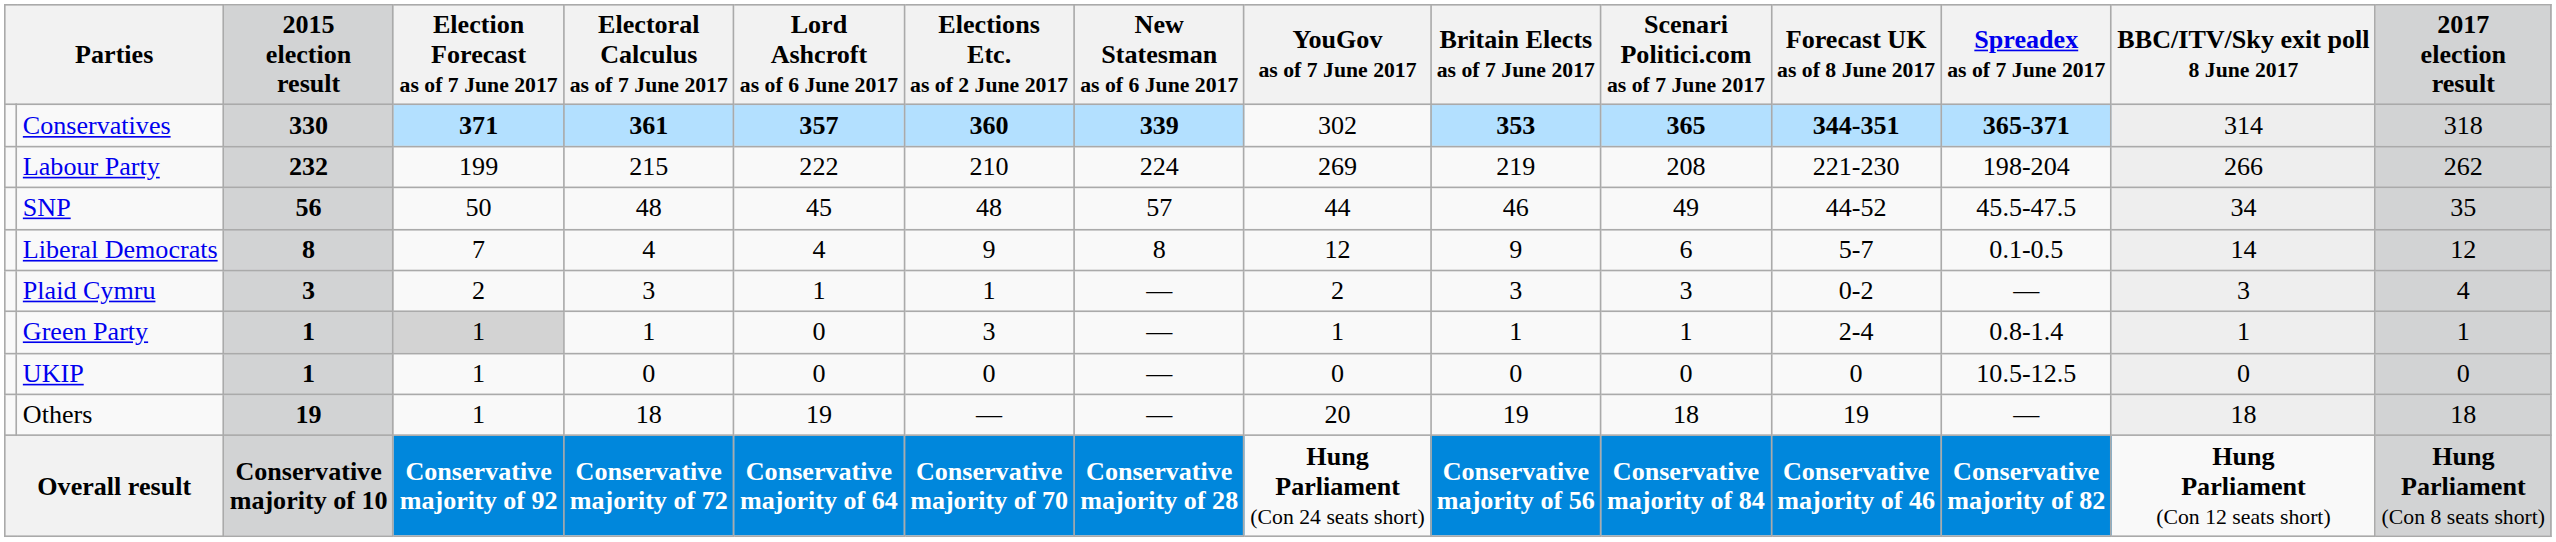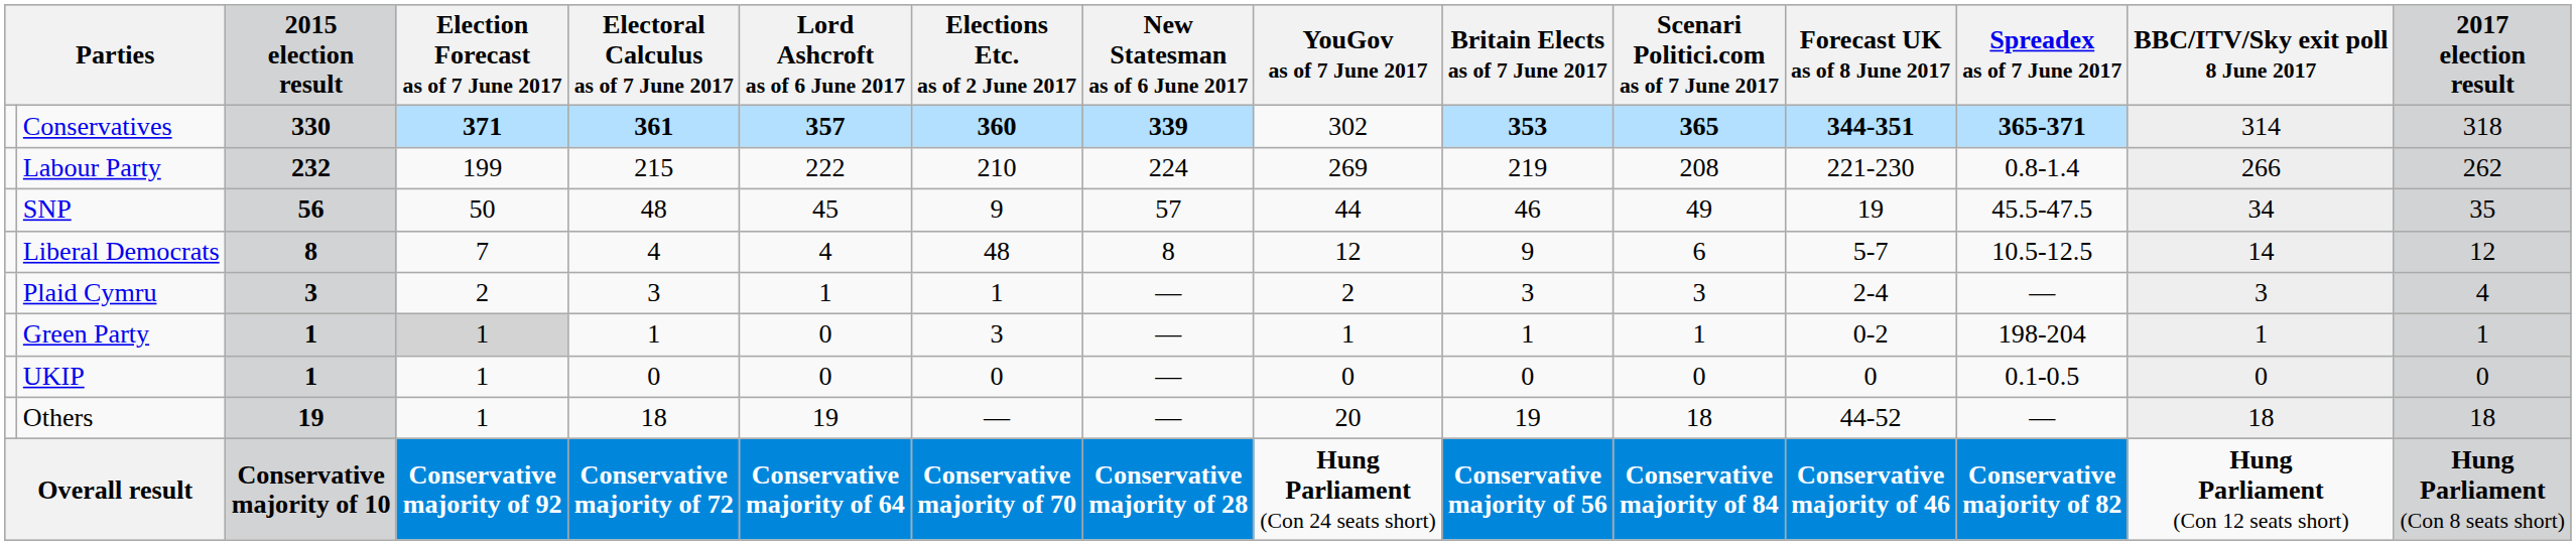 <table class="wikitable">
 <tr>
 <th colspan="2">Parties</th>
 <th style="vertical-align:top; background:#d2d3d4">2015 <br>election  <br>result</th>
 <th style="vertical-align:top;">Election<br>Forecast<br><small>as of 7 June 2017</small></th>
 <th style="vertical-align:top;">Electoral <br> Calculus<br><small>as of 7 June 2017</small></th>
 <th style="vertical-align:top;">Lord <br> Ashcroft<br><small>as of 6 June 2017</small></th>
 <th style="vertical-align:top;">Elections<br>Etc.<br><small>as of 2 June 2017</small></th>
 <th style="vertical-align:top;">New<br>Statesman<br><small>as of 6 June 2017</small></th>
 <th>YouGov<br><small>as of 7 June 2017</small></th>
 <th>Britain Elects<br><small>as of 7 June 2017</small></th>
 <th>Scenari<br>Politici.com<small><br>as of 7 June 2017</small></th>
 <th>Forecast UK<br><small>as of 8 June 2017</small></th>
 <th><a href='#'>Spreadex</a><br><small>as of 7 June 2017</small></th>
 <th>BBC/ITV/Sky exit poll <br><small>8 June 2017</small></th>
 <th style="vertical-align:top; background:#d2d3d4">2017 <br>election  <br>result</th>
 </tr>
 <tr>
 <td style="color:inherit;background:"></td>
 <td><a href='#'>Conservatives</a></td>
 <td style="text-align:center; background:#d2d3d4"><strong>330</strong></td>
 <td style="text-align:center; background:#B3E0FF"><strong>371</strong></td>
 <td style="text-align:center; background:#B3E0FF"><strong>361</strong></td>
 <td style="text-align:center; background:#B3E0FF"><strong>357</strong></td>
 <td style="text-align:center; background:#B3E0FF"><strong>360</strong></td>
 <td style="text-align:center; background:#B3E0FF"><strong>339</strong></td>
 <td style="text-align:center;">302</td>
 <td style="text-align:center; background:#B3E0FF"><strong>353</strong></td>
 <td style="text-align:center; background:#B3E0FF"><strong>365</strong></td>
 <td style="text-align:center; background:#B3E0FF"><strong>344-351</strong></td>
 <td style="text-align:center; background:#B3E0FF"><strong>365-371</strong></td>
 <td style="text-align:center; background:#eeeeee">314</td>
 <td style="text-align:center; background:#d2d3d4">318</td>
 </tr>
 <tr>
 <td style="color:inherit;background:"></td>
 <td><a href='#'>Labour Party</a></td>
 <td style="text-align:center; background:#d2d3d4"><strong>232</strong></td>
 <td style="text-align:center;">199</td>
 <td style="text-align:center;">215</td>
 <td style="text-align:center;">222</td>
 <td style="text-align:center;">210</td>
 <td style="text-align:center;">224</td>
 <td style="text-align:center;">269</td>
 <td style="text-align:center;">219</td>
 <td style="text-align:center;">208</td>
 <td style="text-align:center;">221-230</td>
-<td style="text-align:center;">198-204</td>
+<td style="text-align:center;">0.8-1.4</td>
 <td style="text-align:center; background:#eeeeee">266</td>
 <td style="text-align:center; background:#d2d3d4">262</td>
 </tr>
 <tr>
 <td style="color:inherit;background:"></td>
 <td><a href='#'>SNP</a></td>
 <td style="text-align:center; background:#d2d3d4"><strong>56</strong></td>
 <td style="text-align:center;">50</td>
 <td style="text-align:center;">48</td>
 <td style="text-align:center;">45</td>
-<td style="text-align:center;">48</td>
+<td style="text-align:center;">9</td>
 <td style="text-align:center;">57</td>
 <td style="text-align:center;">44</td>
 <td style="text-align:center;">46</td>
 <td style="text-align:center;">49</td>
-<td style="text-align:center;">44-52</td>
+<td style="text-align:center;">19</td>
 <td style="text-align:center;">45.5-47.5</td>
 <td style="text-align:center; background:#eeeeee">34</td>
 <td style="text-align:center; background:#d2d3d4">35</td>
 </tr>
 <tr>
 <td style="color:inherit;background:"></td>
 <td><a href='#'>Liberal Democrats</a></td>
 <td style="text-align:center; background:#d2d3d4"><strong>8</strong></td>
 <td style="text-align:center;">7</td>
 <td style="text-align:center;">4</td>
 <td style="text-align:center;">4</td>
-<td style="text-align:center;">9</td>
+<td style="text-align:center;">48</td>
 <td style="text-align:center;">8</td>
 <td style="text-align:center;">12</td>
 <td style="text-align:center;">9</td>
 <td style="text-align:center;">6</td>
 <td style="text-align:center;">5-7</td>
-<td style="text-align:center;">0.1-0.5</td>
+<td style="text-align:center;">10.5-12.5</td>
 <td style="text-align:center; background:#eeeeee">14</td>
 <td style="text-align:center; background:#d2d3d4">12</td>
 </tr>
 <tr>
 <td style="color:inherit;background:"></td>
 <td><a href='#'>Plaid Cymru</a></td>
 <td style="text-align:center; background:#d2d3d4"><strong>3</strong></td>
 <td style="text-align:center;">2</td>
 <td style="text-align:center;">3</td>
 <td style="text-align:center;">1</td>
 <td style="text-align:center;">1</td>
 <td style="text-align:center;">—</td>
 <td style="text-align:center;">2</td>
 <td style="text-align:center;">3</td>
 <td style="text-align:center;">3</td>
-<td style="text-align:center;">0-2</td>
+<td style="text-align:center;">2-4</td>
 <td style="text-align:center;">—</td>
 <td style="text-align:center; background:#eeeeee">3</td>
 <td style="text-align:center; background:#d2d3d4">4</td>
 </tr>
 <tr>
 <td style="color:inherit;background:"></td>
 <td><a href='#'>Green Party</a></td>
 <td style="text-align:center; background:#d2d3d4"><strong>1</strong></td>
 <td style="background: lightgrey; text-align:center;">1</td>
 <td style="text-align:center;">1</td>
 <td style="text-align:center;">0</td>
 <td style="text-align:center;">3</td>
 <td style="text-align:center;">—</td>
 <td style="text-align:center;">1</td>
 <td style="text-align:center;">1</td>
 <td style="text-align:center;">1</td>
-<td style="text-align:center;">2-4</td>
-<td style="text-align:center;">0.8-1.4</td>
+<td style="text-align:center;">0-2</td>
+<td style="text-align:center;">198-204</td>
 <td style="text-align:center; background:#eeeeee">1</td>
 <td style="text-align:center; background:#d2d3d4">1</td>
 </tr>
 <tr>
 <td style="color:inherit;background:"></td>
 <td><a href='#'>UKIP</a></td>
 <td style="text-align:center; background:#d2d3d4"><strong>1</strong></td>
 <td style="text-align:center;">1</td>
 <td style="text-align:center;">0</td>
 <td style="text-align:center;">0</td>
 <td style="text-align:center;">0</td>
 <td style="text-align:center;">—</td>
 <td style="text-align:center;">0</td>
 <td style="text-align:center;">0</td>
 <td style="text-align:center;">0</td>
 <td style="text-align:center;">0</td>
-<td style="text-align:center;">10.5-12.5</td>
+<td style="text-align:center;">0.1-0.5</td>
 <td style="text-align:center; background:#eeeeee">0</td>
 <td style="text-align:center; background:#d2d3d4">0</td>
 </tr>
 <tr>
 <td style="color:inherit;background:"></td>
 <td>Others</td>
 <td style="text-align:center; background:#d2d3d4"><strong>19</strong></td>
 <td style="text-align:center;">1</td>
 <td style="text-align:center;">18</td>
 <td style="text-align:center;">19</td>
 <td style="text-align:center;">—</td>
 <td style="text-align:center;">—</td>
 <td style="text-align:center;">20</td>
 <td style="text-align:center;">19</td>
 <td style="text-align:center;">18</td>
-<td style="text-align:center;">19</td>
+<td style="text-align:center;">44-52</td>
 <td style="text-align:center;">—</td>
 <td style="text-align:center; background:#eeeeee">18</td>
 <td style="text-align:center; background:#d2d3d4">18</td>
 </tr>
 <tr>
 <th colspan="2">Overall result</th>
 <td style="text-align:center; background:#d2d3d4"><strong>Conservative <br> majority of 10</strong></td>
 <td style="text-align:center; background:#0087DC;  color:white"><strong>Conservative <br> majority  of 92</strong></td>
 <td style="text-align:center; background:#0087DC;  color:white"><strong>Conservative <br> majority of 72</strong></td>
 <td style="text-align:center; background:#0087DC;  color:white"><strong>Conservative <br> majority of 64</strong></td>
 <td style="text-align:center; background:#0087DC;  color:white"><strong>Conservative <br> majority of 70</strong></td>
 <td style="text-align:center; background:#0087DC;  color:white"><strong>Conservative <br> majority  of 28</strong></td>
 <td style="text-align:center;"><strong>Hung <br> Parliament</strong> <br> <small> (Con 24 seats short)</small></td>
 <td style="text-align:center; background:#0087DC;  color:white"><strong>Conservative <br> majority of 56</strong></td>
 <th style="text-align:center; background:#0087DC;  color:white">Conservative <br> majority of 84</th>
 <th style="text-align:center; background:#0087DC;  color:white">Conservative <br> majority of 46</th>
 <td style="text-align:center; background:#0087DC;  color:white"><strong>Conservative <br> majority of 82</strong></td>
 <td style="text-align:center;"><strong>Hung <br> Parliament</strong> <br> <small> (Con 12 seats short)</small></td>
 <td style="text-align:center; background:#d2d3d4"><strong>Hung <br> Parliament</strong> <br> <small> (Con 8 seats short)</small></td>
 </tr>
 </table>
